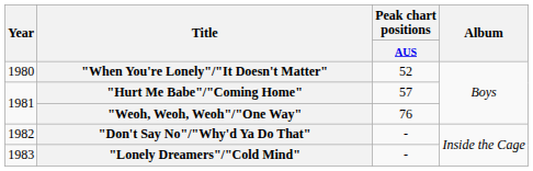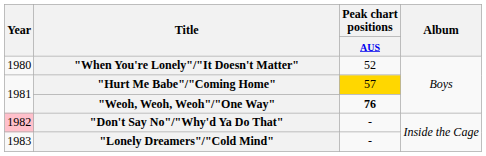 <table class="wikitable plainrowheaders" style="text-align:center;" border="1">
 <tr>
 <th scope="col" rowspan="2">Year</th>
 <th scope="col" rowspan="2" style="width:25em;">Title</th>
 <th scope="col" colspan="1">Peak chart<br>positions</th>
 <th scope="col" rowspan="2">Album</th>
 </tr>
 <tr>
 <th scope="col" style="text-align:center;"><small><a href='#'>AUS</a></small><br></th>
 </tr>
 <tr>
 <td>1980</td>
 <th scope="row">"When You're Lonely"/"It Doesn't Matter"</th>
 <td style="text-align:center;">52</td>
 <td rowspan="3"><em>Boys</em></td>
 </tr>
 <tr>
 <td rowspan="2">1981</td>
 <th scope="row">"Hurt Me Babe"/"Coming Home"</th>
-<td style="text-align:center;">57</td>
+<td style="background: gold; text-align:center;">57</td>
 </tr>
 <tr>
 <th scope="row">"Weoh, Weoh, Weoh"/"One Way"</th>
-<td style="text-align:center;">76</td>
+<td style="text-align:center;"><strong>76</strong></td>
 </tr>
 <tr>
-<td>1982</td>
+<td style="background: pink;">1982</td>
 <th scope="row">"Don't Say No"/"Why'd Ya Do That"</th>
 <td style="text-align:center;">-</td>
 <td rowspan="2"><em>Inside the Cage</em></td>
 </tr>
 <tr>
 <td>1983</td>
 <th scope="row">"Lonely Dreamers"/"Cold Mind"</th>
 <td style="text-align:center;">-</td>
 </tr>
 </table>
